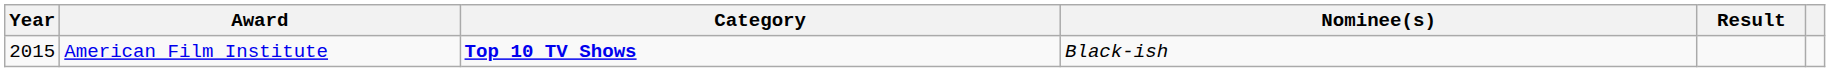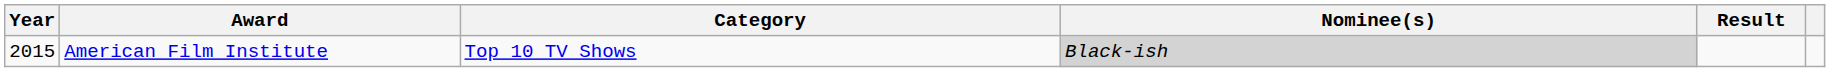 <table class="wikitable sortable" style="width:98%">
 <tr>
 <th scope="col" style="width:3%;">Year</th>
 <th scope="col" style="width:22%;">Award</th>
 <th scope="col" style="width:33%;">Category</th>
 <th>Nominee(s)</th>
 <th scope="col" style="width:6%;">Result</th>
 <th scope="col" class="unsortable" style="width:1%;"></th>
 </tr>
 <tr>
 <td rowspan="14">2015</td>
 <td><a href='#'>American Film Institute</a></td>
-<td><strong><a href='#'>Top 10 TV Shows</a></strong></td>
-<td><em>Black-ish</em></td>
+<td><a href='#'>Top 10 TV Shows</a></td>
+<td style="background: lightgrey;"><em>Black-ish</em></td>
 <td></td>
 <td></td>
 </tr>
 </table>
